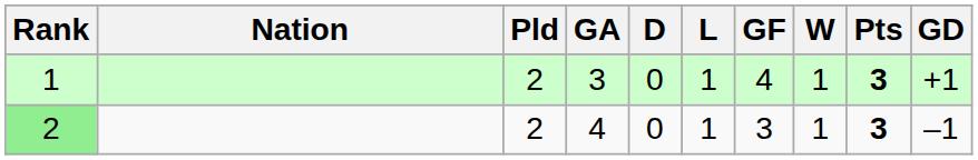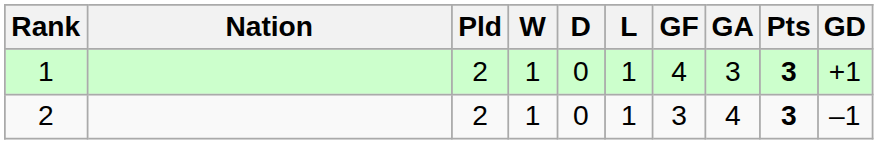 <table class="wikitable" style="text-align: center;">
 <tr>
 <th width=5>Rank</th>
 <th width=200>Nation</th>
 <th width=20>Pld</th>
-<th width=20>GA</th>
+<th width=20>W</th>
 <th width=20>D</th>
 <th width=20>L</th>
 <th width=20>GF</th>
-<th width=20>W</th>
+<th width=20>GA</th>
 <th width=20>Pts</th>
 <th width=20>GD</th>
 </tr>
 <tr style="background:#ccffcc">
 <td>1</td>
 <td style="text-align:left"></td>
 <td>2</td>
-<td>3</td>
+<td>1</td>
 <td>0</td>
 <td>1</td>
 <td>4</td>
-<td>1</td>
+<td>3</td>
 <td><strong>3</strong></td>
 <td>+1</td>
 </tr>
 <tr>
-<td style="background: lightgreen;">2</td>
+<td>2</td>
 <td style="text-align:left"></td>
 <td>2</td>
-<td>4</td>
+<td>1</td>
 <td>0</td>
 <td>1</td>
 <td>3</td>
-<td>1</td>
+<td>4</td>
 <td><strong>3</strong></td>
 <td>–1</td>
 </tr>
 </table>
